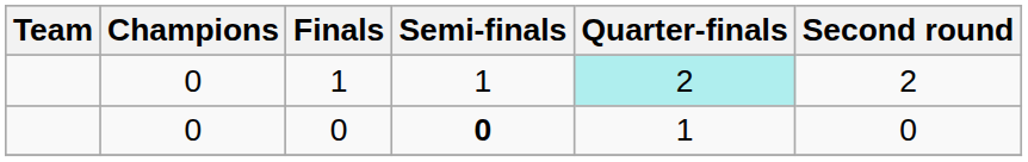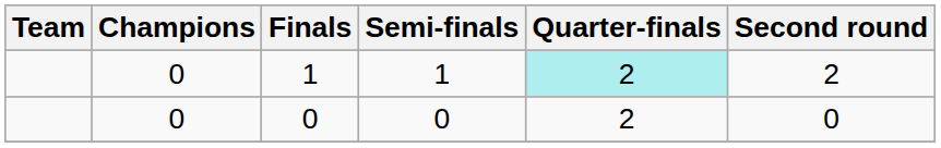 <table class="wikitable sortable" style="text-align:center">
 <tr>
 <th>Team</th>
 <th>Champions</th>
 <th>Finals</th>
 <th>Semi-finals</th>
 <th>Quarter-finals</th>
 <th>Second round</th>
 </tr>
 <tr>
 <td align=left></td>
 <td>0</td>
 <td>1</td>
 <td>1</td>
 <td style="background: paleturquoise;">2</td>
 <td>2</td>
 </tr>
 <tr>
 <td align=left></td>
 <td>0</td>
 <td>0</td>
-<td><strong>0</strong></td>
-<td>1</td>
+<td>0</td>
+<td>2</td>
 <td>0</td>
 </tr>
 <tr>
 </tr>
 </table>
